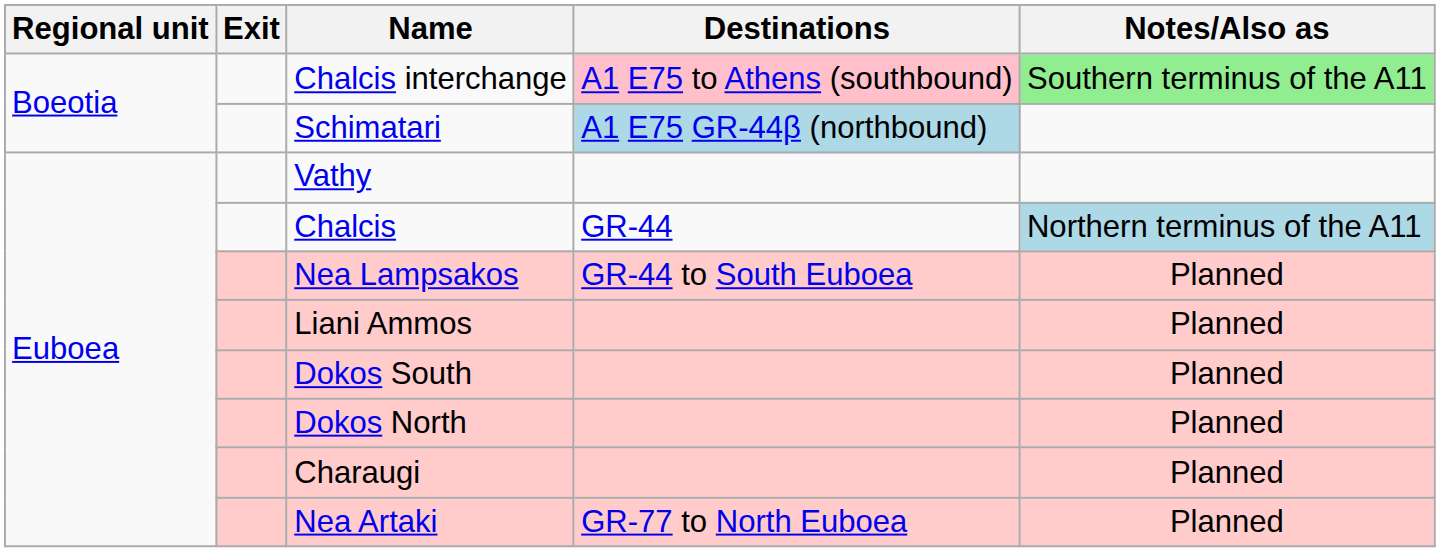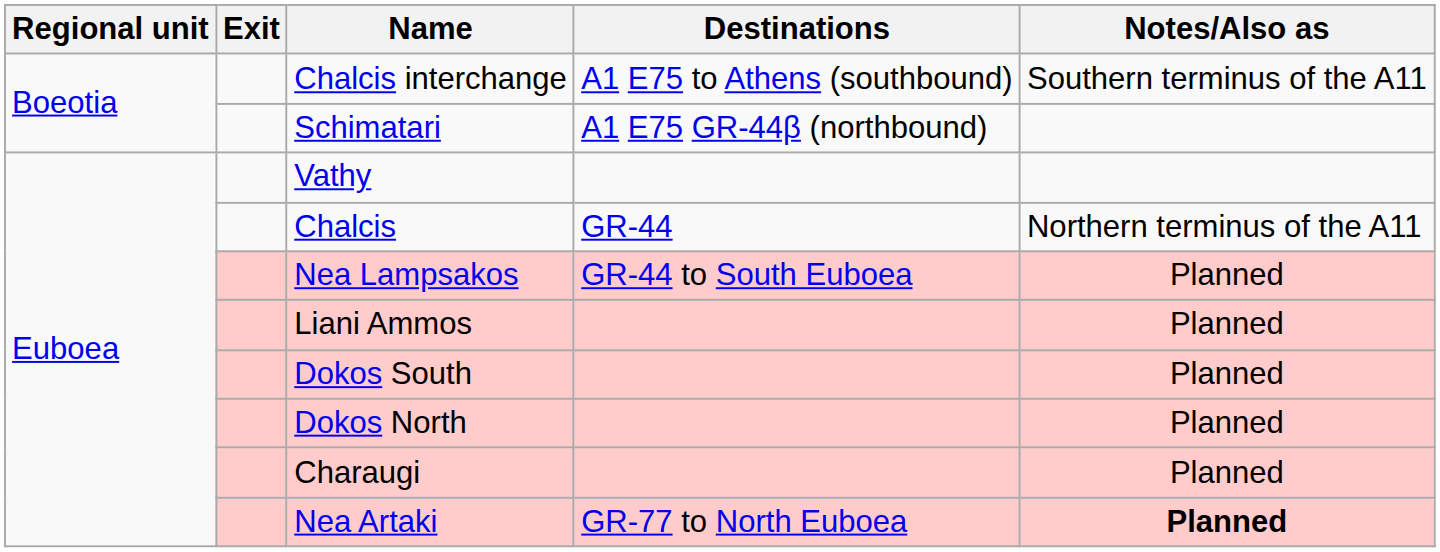 <table class="wikitable collapsible uncollapsed">
 <tr>
 <th scope="col">Regional unit</th>
 <th scope="col">Exit</th>
 <th scope="col">Name</th>
 <th scope="col">Destinations</th>
 <th scope="col">Notes/Also as</th>
 </tr>
 <tr>
 <td rowspan= 2><a href='#'>Boeotia</a></td>
 <td></td>
 <td><a href='#'>Chalcis</a> interchange</td>
-<td style="background: pink;"> <a href='#'>A1</a>  <a href='#'>E75</a> to <a href='#'>Athens</a> (southbound)</td>
-<td style="background: lightgreen;">Southern terminus of the A11</td>
+<td> <a href='#'>A1</a>  <a href='#'>E75</a> to <a href='#'>Athens</a> (southbound)</td>
+<td>Southern terminus of the A11</td>
 </tr>
 <tr>
 <td></td>
 <td><a href='#'>Schimatari</a></td>
-<td style="background: lightblue;"> <a href='#'>A1</a>  <a href='#'>E75</a>  <a href='#'>GR-44β</a> (northbound)</td>
+<td> <a href='#'>A1</a>  <a href='#'>E75</a>  <a href='#'>GR-44β</a> (northbound)</td>
 <td></td>
 </tr>
 <tr>
 <td rowspan= 8><a href='#'>Euboea</a></td>
 <td></td>
 <td><a href='#'>Vathy</a></td>
 <td></td>
 <td></td>
 </tr>
 <tr>
 <td></td>
 <td><a href='#'>Chalcis</a></td>
 <td> <a href='#'>GR-44</a></td>
-<td style="background: lightblue;">Northern terminus of the A11</td>
+<td>Northern terminus of the A11</td>
 </tr>
 <tr style="background: #FFCBCB">
 <td></td>
 <td><a href='#'>Nea Lampsakos</a></td>
 <td> <a href='#'>GR-44</a> to <a href='#'>South Euboea</a></td>
 <td style="text-align: center;">Planned</td>
 </tr>
 <tr style="background: #FFCBCB">
 <td></td>
 <td>Liani Ammos</td>
 <td></td>
 <td style="text-align: center;">Planned</td>
 </tr>
 <tr style="background: #FFCBCB">
 <td></td>
 <td><a href='#'>Dokos</a> South</td>
 <td></td>
 <td style="text-align: center;">Planned</td>
 </tr>
 <tr style="background: #FFCBCB">
 <td></td>
 <td><a href='#'>Dokos</a> North</td>
 <td></td>
 <td style="text-align: center;">Planned</td>
 </tr>
 <tr style="background: #FFCBCB">
 <td></td>
 <td>Charaugi</td>
 <td></td>
 <td style="text-align: center;">Planned</td>
 </tr>
 <tr style="background: #FFCBCB">
 <td></td>
 <td><a href='#'>Nea Artaki</a></td>
 <td> <a href='#'>GR-77</a> to <a href='#'>North Euboea</a></td>
-<td style="text-align: center;">Planned</td>
+<td style="text-align: center;"><strong>Planned</strong></td>
 </tr>
 </table>
